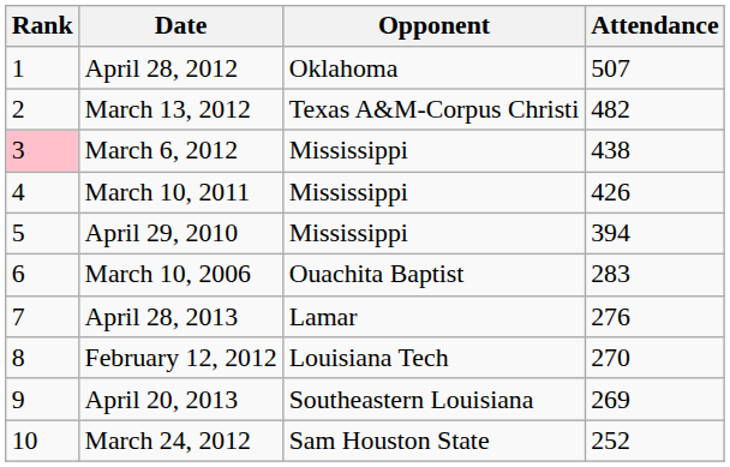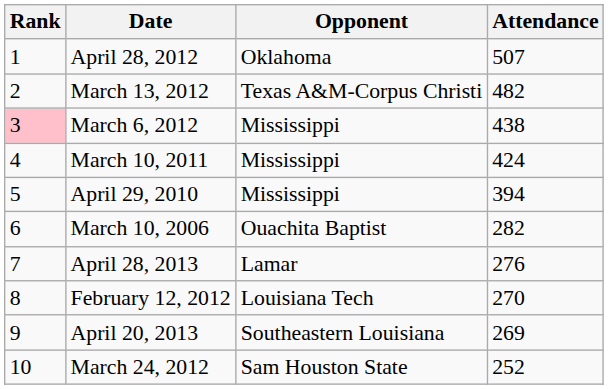 <table class="wikitable">
 <tr>
 <th>Rank</th>
 <th>Date</th>
 <th>Opponent</th>
 <th>Attendance</th>
 </tr>
 <tr>
 <td>1</td>
 <td>April 28, 2012</td>
 <td>Oklahoma</td>
 <td>507</td>
 </tr>
 <tr>
 <td>2</td>
 <td>March 13, 2012</td>
 <td>Texas A&M-Corpus Christi</td>
 <td>482</td>
 </tr>
 <tr>
 <td style="background: pink;">3</td>
 <td>March 6, 2012</td>
 <td>Mississippi</td>
 <td>438</td>
 </tr>
 <tr>
 <td>4</td>
 <td>March 10, 2011</td>
 <td>Mississippi</td>
-<td>426</td>
+<td>424</td>
 </tr>
 <tr>
 <td>5</td>
 <td>April 29, 2010</td>
 <td>Mississippi</td>
 <td>394</td>
 </tr>
 <tr>
 <td>6</td>
 <td>March 10, 2006</td>
 <td>Ouachita Baptist</td>
-<td>283</td>
+<td>282</td>
 </tr>
 <tr>
 <td>7</td>
 <td>April 28, 2013</td>
 <td>Lamar</td>
 <td>276</td>
 </tr>
 <tr>
 <td>8</td>
 <td>February 12, 2012</td>
 <td>Louisiana Tech</td>
 <td>270</td>
 </tr>
 <tr>
 <td>9</td>
 <td>April 20, 2013</td>
 <td>Southeastern Louisiana</td>
 <td>269</td>
 </tr>
 <tr>
 <td>10</td>
 <td>March 24, 2012</td>
 <td>Sam Houston State</td>
 <td>252</td>
 </tr>
 </table>
